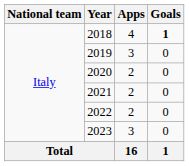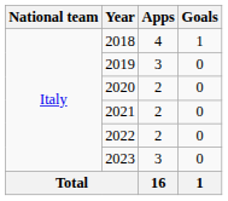 <table class="wikitable" style="text-align:center">
 <tr>
 <th>National team</th>
 <th>Year</th>
 <th>Apps</th>
 <th>Goals</th>
 </tr>
 <tr>
 <td rowspan=6><a href='#'>Italy</a></td>
 <td>2018</td>
 <td>4</td>
-<td><strong>1</strong></td>
+<td>1</td>
 </tr>
 <tr>
 <td>2019</td>
 <td>3</td>
 <td>0</td>
 </tr>
 <tr>
 <td>2020</td>
 <td>2</td>
 <td>0</td>
 </tr>
 <tr>
 <td>2021</td>
 <td>2</td>
 <td>0</td>
 </tr>
 <tr>
 <td>2022</td>
 <td>2</td>
 <td>0</td>
 </tr>
 <tr>
 <td>2023</td>
 <td>3</td>
 <td>0</td>
 </tr>
 <tr>
 <th colspan=2>Total</th>
 <th>16</th>
 <th>1</th>
 </tr>
 </table>
